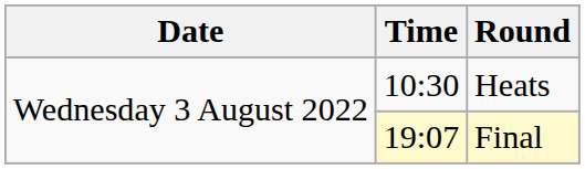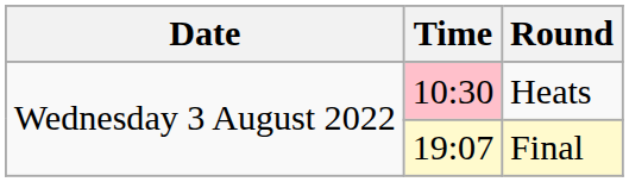 <table class="wikitable">
 <tr>
 <th>Date</th>
 <th>Time</th>
 <th>Round</th>
 </tr>
 <tr>
 <td rowspan=2>Wednesday 3 August 2022</td>
-<td>10:30</td>
+<td style="background: pink;">10:30</td>
 <td>Heats</td>
 </tr>
 <tr>
 <td style=background:lemonchiffon>19:07</td>
 <td style=background:lemonchiffon>Final</td>
 </tr>
 </table>
